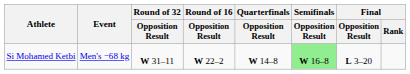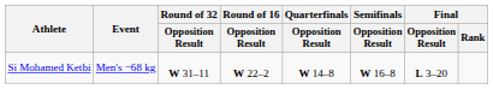 <table class="wikitable" style="text-align:center; font-size:90%">
 <tr>
 <th rowspan=2>Athlete</th>
 <th rowspan=2>Event</th>
 <th>Round of 32</th>
 <th>Round of 16</th>
 <th>Quarterfinals</th>
 <th>Semifinals</th>
 <th colspan=2>Final</th>
 </tr>
 <tr style="font-size:95%">
 <th>Opposition<br>Result</th>
 <th>Opposition<br>Result</th>
 <th>Opposition<br>Result</th>
 <th>Opposition<br>Result</th>
 <th>Opposition<br>Result</th>
 <th>Rank</th>
 </tr>
 <tr>
 <td align=left><a href='#'>Si Mohamed Ketbi</a></td>
 <td align=left><a href='#'>Men's −68 kg</a></td>
 <td><br><strong>W</strong> 31–11</td>
 <td><br><strong>W</strong> 22–2</td>
 <td><br><strong>W</strong> 14–8</td>
-<td style="background: lightgreen;"><br><strong>W</strong> 16–8</td>
+<td><br><strong>W</strong> 16–8</td>
 <td><br><strong>L</strong> 3–20</td>
 <td></td>
 </tr>
 </table>
